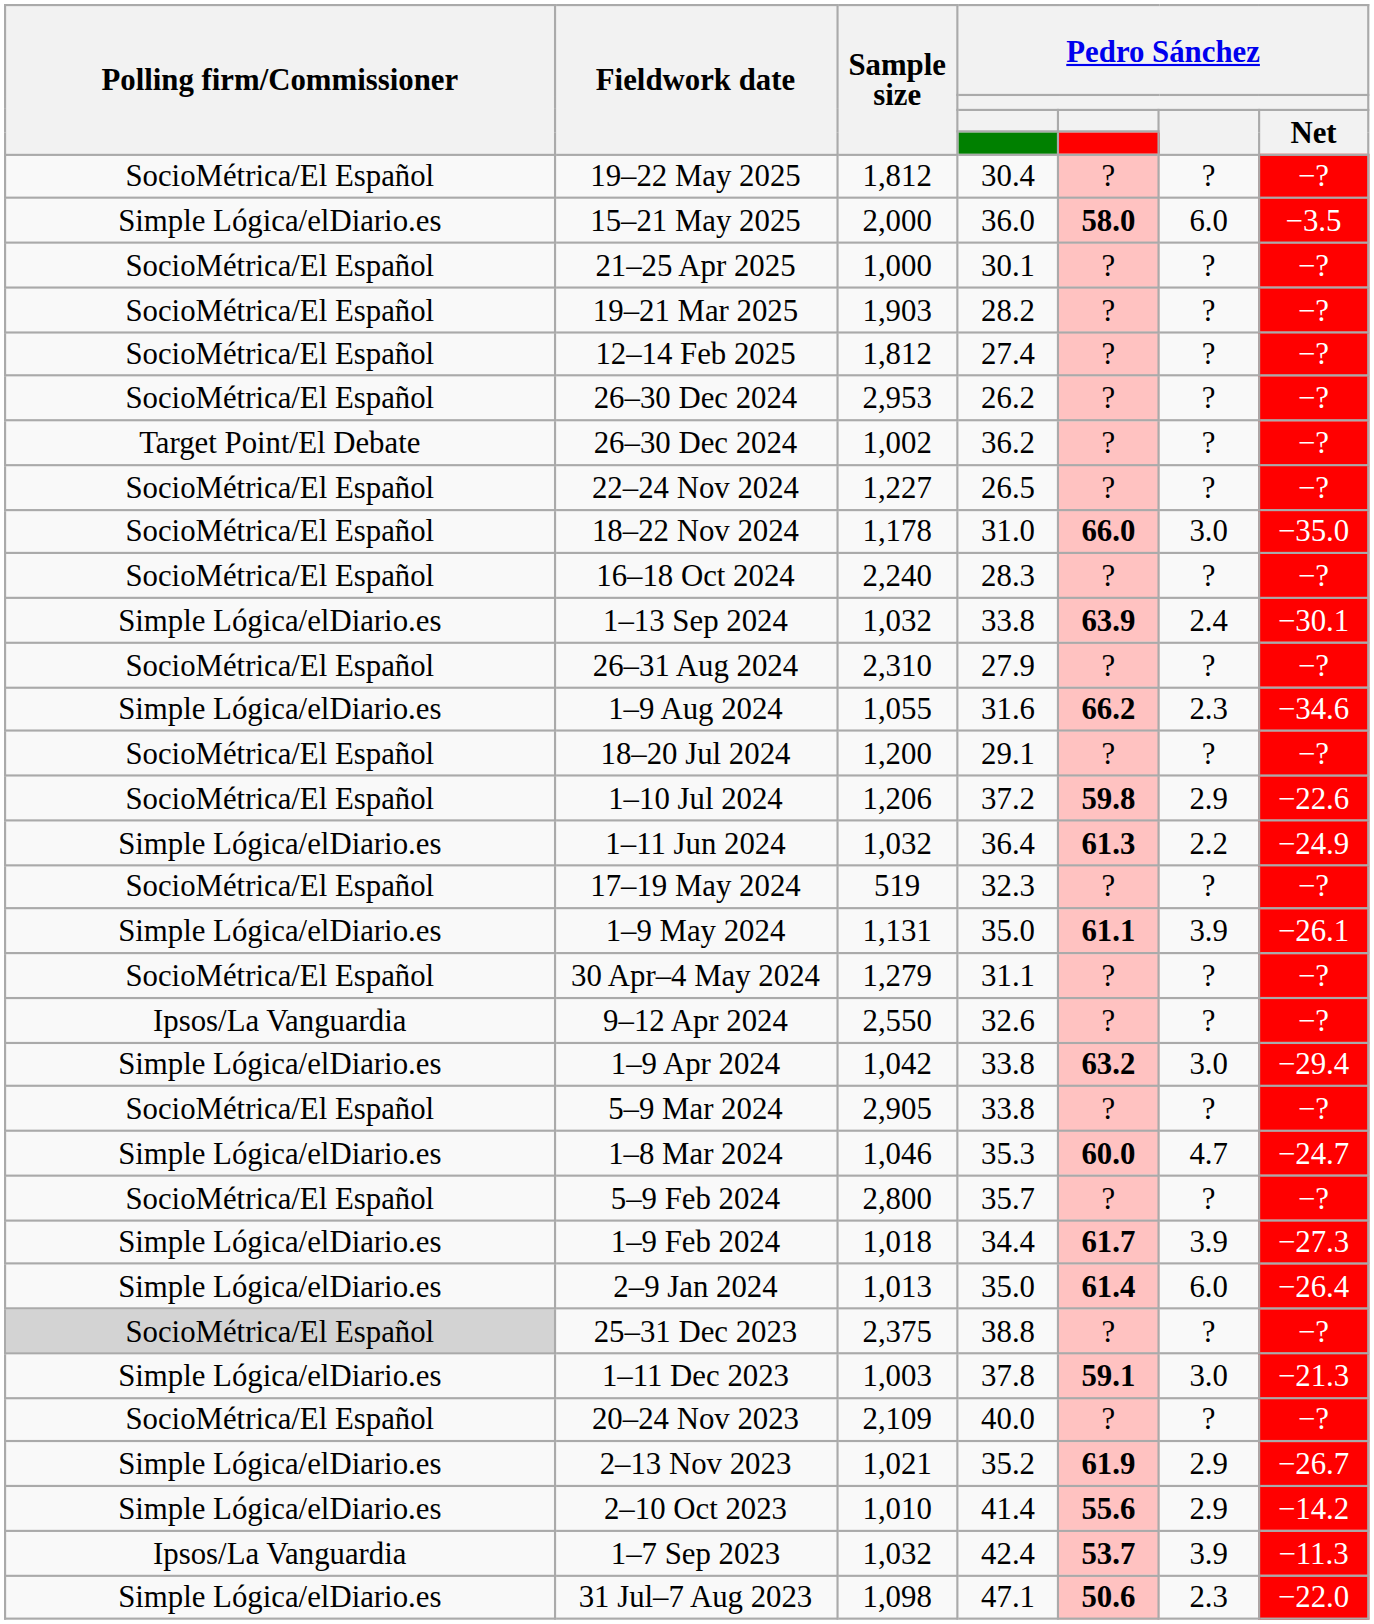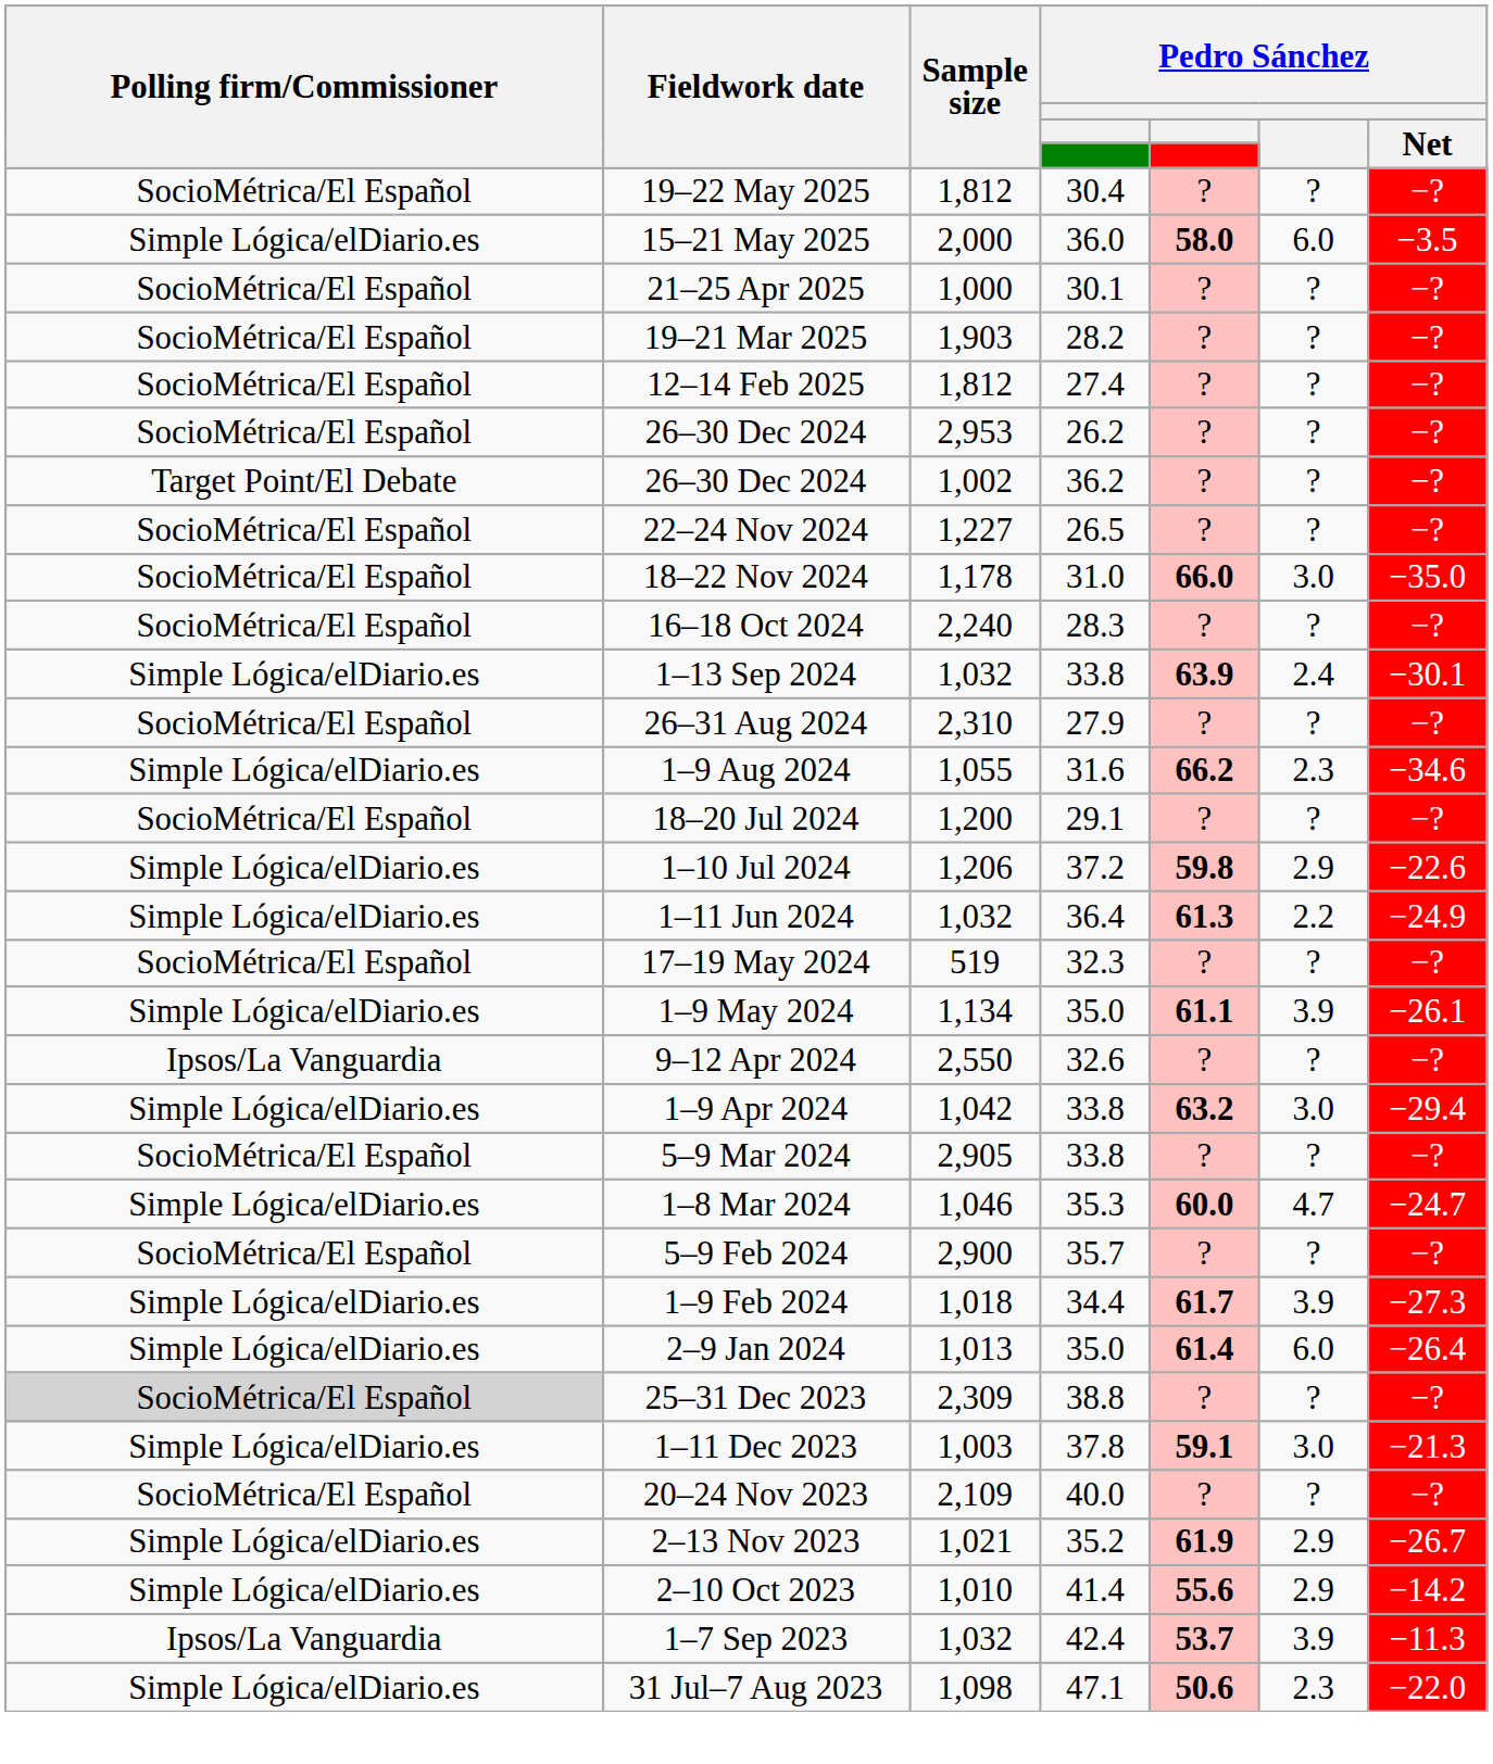 <table class="wikitable collapsible collapsed" style="text-align:center; font-size:90%; line-height:14px;">
 <tr style="height:42px;">
 <th style="width:250px;" rowspan="4">Polling firm/Commissioner</th>
 <th style="width:125px;" rowspan="4">Fieldwork date</th>
 <th style="width:50px;" rowspan="4">Sample size</th>
 <th style="width:185px;" colspan="4"><a href='#'>Pedro Sánchez</a><br></th>
 </tr>
 <tr>
 <th colspan="4" style="background:"></th>
 </tr>
 <tr>
 <th style="width:30px;"></th>
 <th style="width:30px;"></th>
 <th style="width:30px;" rowspan="2"></th>
 <th style="width:30px;" rowspan="2">Net</th>
 </tr>
 <tr>
 <th style="color:inherit;background:#008000;"></th>
 <th style="color:inherit;background:#FF0000;"></th>
 </tr>
 <tr>
 <td>SocioMétrica/El Español</td>
 <td>19–22 May 2025</td>
 <td>1,812</td>
 <td>30.4</td>
 <td style="background:#FFC2C1;">?</td>
 <td>?</td>
 <td style="background:#FF0000; color:white;">−?</td>
 </tr>
 <tr>
 <td>Simple Lógica/elDiario.es</td>
 <td>15–21 May 2025</td>
 <td>2,000</td>
 <td>36.0</td>
 <td style="background:#FFC2C1;"><strong>58.0</strong></td>
 <td>6.0</td>
 <td style="background:#FF0000; color:white;">−3.5</td>
 </tr>
 <tr>
 <td>SocioMétrica/El Español</td>
 <td>21–25 Apr 2025</td>
 <td>1,000</td>
 <td>30.1</td>
 <td style="background:#FFC2C1;">?</td>
 <td>?</td>
 <td style="background:#FF0000; color:white;">−?</td>
 </tr>
 <tr>
 <td>SocioMétrica/El Español</td>
 <td>19–21 Mar 2025</td>
 <td>1,903</td>
 <td>28.2</td>
 <td style="background:#FFC2C1;">?</td>
 <td>?</td>
 <td style="background:#FF0000; color:white;">−?</td>
 </tr>
 <tr>
 <td>SocioMétrica/El Español</td>
 <td>12–14 Feb 2025</td>
 <td>1,812</td>
 <td>27.4</td>
 <td style="background:#FFC2C1;">?</td>
 <td>?</td>
 <td style="background:#FF0000; color:white;">−?</td>
 </tr>
 <tr>
 <td>SocioMétrica/El Español</td>
 <td>26–30 Dec 2024</td>
 <td>2,953</td>
 <td>26.2</td>
 <td style="background:#FFC2C1;">?</td>
 <td>?</td>
 <td style="background:#FF0000; color:white;">−?</td>
 </tr>
 <tr>
 <td>Target Point/El Debate</td>
 <td>26–30 Dec 2024</td>
 <td>1,002</td>
 <td>36.2</td>
 <td style="background:#FFC2C1;">?</td>
 <td>?</td>
 <td style="background:#FF0000; color:white;">−?</td>
 </tr>
 <tr>
 <td>SocioMétrica/El Español</td>
 <td>22–24 Nov 2024</td>
 <td>1,227</td>
 <td>26.5</td>
 <td style="background:#FFC2C1;">?</td>
 <td>?</td>
 <td style="background:#FF0000; color:white;">−?</td>
 </tr>
 <tr>
 <td>SocioMétrica/El Español</td>
 <td>18–22 Nov 2024</td>
 <td>1,178</td>
 <td>31.0</td>
 <td style="background:#FFC2C1;"><strong>66.0</strong></td>
 <td>3.0</td>
 <td style="background:#FF0000; color:white;">−35.0</td>
 </tr>
 <tr>
 <td>SocioMétrica/El Español</td>
 <td>16–18 Oct 2024</td>
 <td>2,240</td>
 <td>28.3</td>
 <td style="background:#FFC2C1;">?</td>
 <td>?</td>
 <td style="background:#FF0000; color:white;">−?</td>
 </tr>
 <tr>
 <td>Simple Lógica/elDiario.es</td>
 <td>1–13 Sep 2024</td>
 <td>1,032</td>
 <td>33.8</td>
 <td style="background:#FFC2C1;"><strong>63.9</strong></td>
 <td>2.4</td>
 <td style="background:#FF0000; color:white;">−30.1</td>
 </tr>
 <tr>
 <td>SocioMétrica/El Español</td>
 <td>26–31 Aug 2024</td>
 <td>2,310</td>
 <td>27.9</td>
 <td style="background:#FFC2C1;">?</td>
 <td>?</td>
 <td style="background:#FF0000; color:white;">−?</td>
 </tr>
 <tr>
 <td>Simple Lógica/elDiario.es</td>
 <td>1–9 Aug 2024</td>
 <td>1,055</td>
 <td>31.6</td>
 <td style="background:#FFC2C1;"><strong>66.2</strong></td>
 <td>2.3</td>
 <td style="background:#FF0000; color:white;">−34.6</td>
 </tr>
 <tr>
 <td>SocioMétrica/El Español</td>
 <td>18–20 Jul 2024</td>
 <td>1,200</td>
 <td>29.1</td>
 <td style="background:#FFC2C1;">?</td>
 <td>?</td>
 <td style="background:#FF0000; color:white;">−?</td>
 </tr>
 <tr>
-<td>SocioMétrica/El Español</td>
+<td>Simple Lógica/elDiario.es</td>
 <td>1–10 Jul 2024</td>
 <td>1,206</td>
 <td>37.2</td>
 <td style="background:#FFC2C1;"><strong>59.8</strong></td>
 <td>2.9</td>
 <td style="background:#FF0000; color:white;">−22.6</td>
 </tr>
 <tr>
 <td>Simple Lógica/elDiario.es</td>
 <td>1–11 Jun 2024</td>
 <td>1,032</td>
 <td>36.4</td>
 <td style="background:#FFC2C1;"><strong>61.3</strong></td>
 <td>2.2</td>
 <td style="background:#FF0000; color:white;">−24.9</td>
 </tr>
 <tr>
 <td>SocioMétrica/El Español</td>
 <td>17–19 May 2024</td>
 <td>519</td>
 <td>32.3</td>
 <td style="background:#FFC2C1;">?</td>
 <td>?</td>
 <td style="background:#FF0000; color:white;">−?</td>
 </tr>
 <tr>
 <td>Simple Lógica/elDiario.es</td>
 <td>1–9 May 2024</td>
-<td>1,131</td>
+<td>1,134</td>
 <td>35.0</td>
 <td style="background:#FFC2C1;"><strong>61.1</strong></td>
 <td>3.9</td>
 <td style="background:#FF0000; color:white;">−26.1</td>
-</tr>
-<tr>
-<td>SocioMétrica/El Español</td>
-<td>30 Apr–4 May 2024</td>
-<td>1,279</td>
-<td>31.1</td>
-<td style="background:#FFC2C1;">?</td>
-<td>?</td>
-<td style="background:#FF0000; color:white;">−?</td>
 </tr>
 <tr>
 <td>Ipsos/La Vanguardia</td>
 <td>9–12 Apr 2024</td>
 <td>2,550</td>
 <td>32.6</td>
 <td style="background:#FFC2C1;">?</td>
 <td>?</td>
 <td style="background:#FF0000; color:white;">−?</td>
 </tr>
 <tr>
 <td>Simple Lógica/elDiario.es</td>
 <td>1–9 Apr 2024</td>
 <td>1,042</td>
 <td>33.8</td>
 <td style="background:#FFC2C1;"><strong>63.2</strong></td>
 <td>3.0</td>
 <td style="background:#FF0000; color:white;">−29.4</td>
 </tr>
 <tr>
 <td>SocioMétrica/El Español</td>
 <td>5–9 Mar 2024</td>
 <td>2,905</td>
 <td>33.8</td>
 <td style="background:#FFC2C1;">?</td>
 <td>?</td>
 <td style="background:#FF0000; color:white;">−?</td>
 </tr>
 <tr>
 <td>Simple Lógica/elDiario.es</td>
 <td>1–8 Mar 2024</td>
 <td>1,046</td>
 <td>35.3</td>
 <td style="background:#FFC2C1;"><strong>60.0</strong></td>
 <td>4.7</td>
 <td style="background:#FF0000; color:white;">−24.7</td>
 </tr>
 <tr>
 <td>SocioMétrica/El Español</td>
 <td>5–9 Feb 2024</td>
-<td>2,800</td>
+<td>2,900</td>
 <td>35.7</td>
 <td style="background:#FFC2C1;">?</td>
 <td>?</td>
 <td style="background:#FF0000; color:white;">−?</td>
 </tr>
 <tr>
 <td>Simple Lógica/elDiario.es</td>
 <td>1–9 Feb 2024</td>
 <td>1,018</td>
 <td>34.4</td>
 <td style="background:#FFC2C1;"><strong>61.7</strong></td>
 <td>3.9</td>
 <td style="background:#FF0000; color:white;">−27.3</td>
 </tr>
 <tr>
 <td>Simple Lógica/elDiario.es</td>
 <td>2–9 Jan 2024</td>
 <td>1,013</td>
 <td>35.0</td>
 <td style="background:#FFC2C1;"><strong>61.4</strong></td>
 <td>6.0</td>
 <td style="background:#FF0000; color:white;">−26.4</td>
 </tr>
 <tr>
 <td style="background: lightgrey;">SocioMétrica/El Español</td>
 <td>25–31 Dec 2023</td>
-<td>2,375</td>
+<td>2,309</td>
 <td>38.8</td>
 <td style="background:#FFC2C1;">?</td>
 <td>?</td>
 <td style="background:#FF0000; color:white;">−?</td>
 </tr>
 <tr>
 <td>Simple Lógica/elDiario.es</td>
 <td>1–11 Dec 2023</td>
 <td>1,003</td>
 <td>37.8</td>
 <td style="background:#FFC2C1;"><strong>59.1</strong></td>
 <td>3.0</td>
 <td style="background:#FF0000; color:white;">−21.3</td>
 </tr>
 <tr>
 <td>SocioMétrica/El Español</td>
 <td>20–24 Nov 2023</td>
 <td>2,109</td>
 <td>40.0</td>
 <td style="background:#FFC2C1;">?</td>
 <td>?</td>
 <td style="background:#FF0000; color:white;">−?</td>
 </tr>
 <tr>
 <td>Simple Lógica/elDiario.es</td>
 <td>2–13 Nov 2023</td>
 <td>1,021</td>
 <td>35.2</td>
 <td style="background:#FFC2C1;"><strong>61.9</strong></td>
 <td>2.9</td>
 <td style="background:#FF0000; color:white;">−26.7</td>
 </tr>
 <tr>
 <td>Simple Lógica/elDiario.es</td>
 <td>2–10 Oct 2023</td>
 <td>1,010</td>
 <td>41.4</td>
 <td style="background:#FFC2C1;"><strong>55.6</strong></td>
 <td>2.9</td>
 <td style="background:#FF0000; color:white;">−14.2</td>
 </tr>
 <tr>
 <td>Ipsos/La Vanguardia</td>
 <td>1–7 Sep 2023</td>
 <td>1,032</td>
 <td>42.4</td>
 <td style="background:#FFC2C1;"><strong>53.7</strong></td>
 <td>3.9</td>
 <td style="background:#FF0000; color:white;">−11.3</td>
 </tr>
 <tr>
 <td>Simple Lógica/elDiario.es</td>
 <td>31 Jul–7 Aug 2023</td>
 <td>1,098</td>
 <td>47.1</td>
 <td style="background:#FFC2C1;"><strong>50.6</strong></td>
 <td>2.3</td>
 <td style="background:#FF0000; color:white;">−22.0</td>
 </tr>
 </table>
